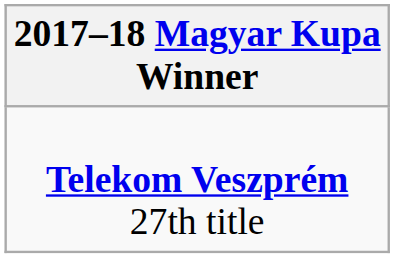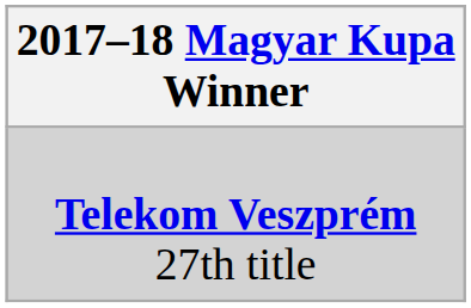 <table class=wikitable style="text-align:center; margin:auto">
 <tr>
 <th>2017–18 <a href='#'>Magyar Kupa</a><br>Winner</th>
 </tr>
 <tr>
-<td><br><strong><a href='#'>Telekom Veszprém</a></strong><br>27th title</td>
+<td style="background: lightgrey;"><br><strong><a href='#'>Telekom Veszprém</a></strong><br>27th title</td>
 </tr>
 </table>
